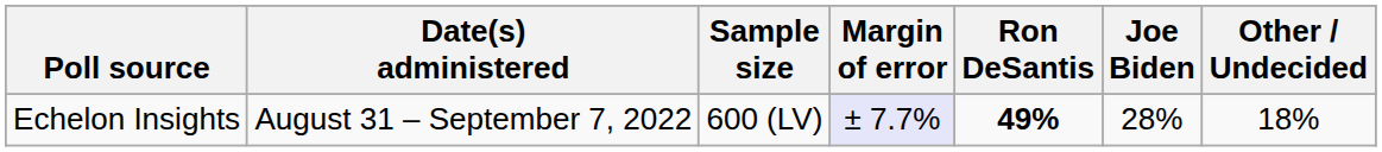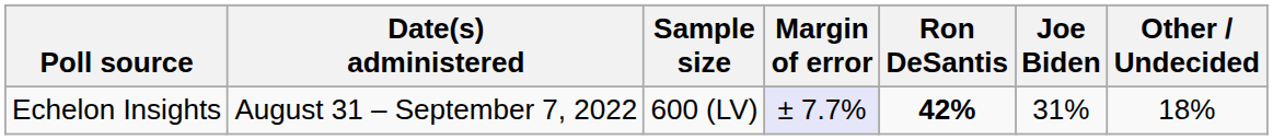 <table class="wikitable sortable mw-datatable" style="font-size:90%;text-align:center;line-height:17px">
 <tr valign=bottom>
 <th>Poll source</th>
 <th>Date(s)<br>administered</th>
 <th>Sample<br>size</th>
 <th>Margin<br>of error</th>
 <th class="unsortable">Ron<br>DeSantis<br></th>
 <th class="unsortable">Joe<br>Biden<br></th>
 <th class="unsortable">Other /<br>Undecided</th>
 </tr>
 <tr>
 <td style="text-align:left;">Echelon Insights</td>
 <td data-sort-value="2022-09-07">August 31 – September 7, 2022</td>
 <td>600 (LV)</td>
 <td style="background: lavender;">± 7.7%</td>
-<td style="background-color:"><strong>49%</strong></td>
-<td>28%</td>
+<td style="background-color:"><strong>42%</strong></td>
+<td>31%</td>
 <td>18%</td>
 </tr>
 </table>
